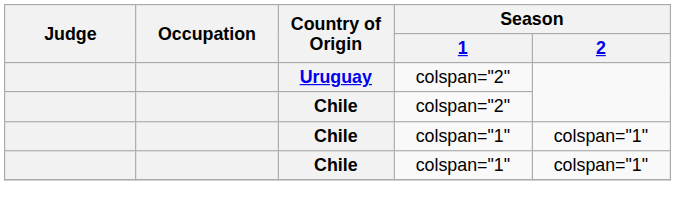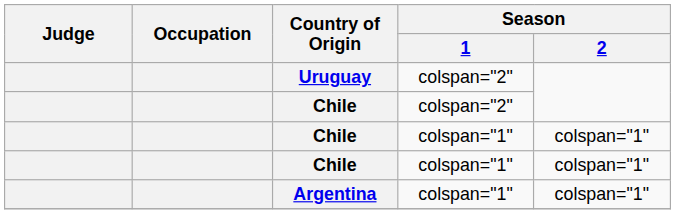 <table class="wikitable plainrowheaders" style="width:65%;text-align:center;font-size:96%">
 <tr>
 <th rowspan="2" style="width:2%;" scope="col">Judge</th>
 <th rowspan="2" style="width:1%;" scope="col">Occupation</th>
 <th rowspan="2" style="width:1%;" scope="col">Country of Origin</th>
 <th colspan="2">Season</th>
 </tr>
 <tr>
 <th style="width:1%;" scope="colspan"><a href='#'>1</a></th>
 <th style="width:1%;" scope="colspan"><a href='#'>2</a></th>
 </tr>
 <tr>
 <th scope="row"></th>
 <th scope="row"></th>
 <th scope="row"><a href='#'>Uruguay</a></th>
 <td>colspan="2" </td>
 </tr>
 <tr>
 <th scope="row"></th>
 <th scope="row"></th>
 <th scope="row">Chile</th>
 <td>colspan="2" </td>
 </tr>
 <tr>
 <th scope="row"></th>
 <th scope="row"></th>
 <th scope="row">Chile</th>
 <td>colspan="1" </td>
 <td>colspan="1" </td>
 </tr>
 <tr>
 <th scope="row"></th>
 <th scope="row"></th>
 <th scope="row">Chile</th>
 <td>colspan="1" </td>
 <td>colspan="1" </td>
 </tr>
 <tr>
+<th scope="row"></th>
+<th scope="row"></th>
+<th scope="row"><a href='#'>Argentina</a></th>
+<td>colspan="1" </td>
+<td>colspan="1" </td>
+</tr>
+<tr>
 </tr>
 </table>
